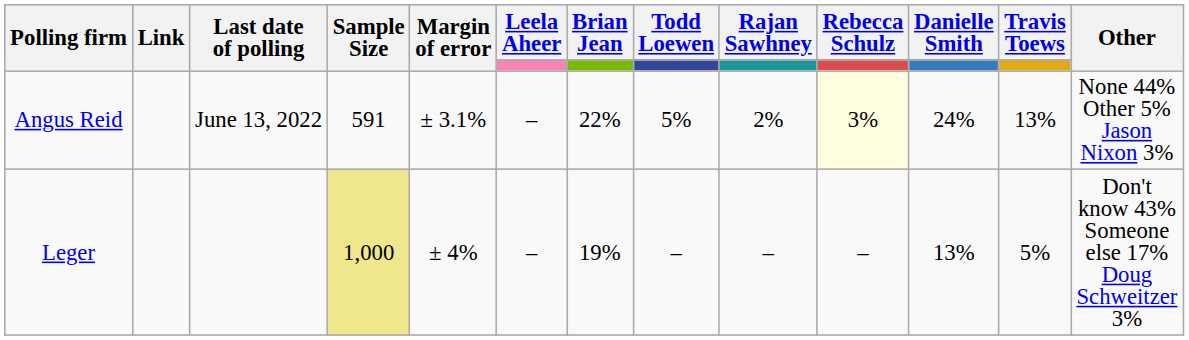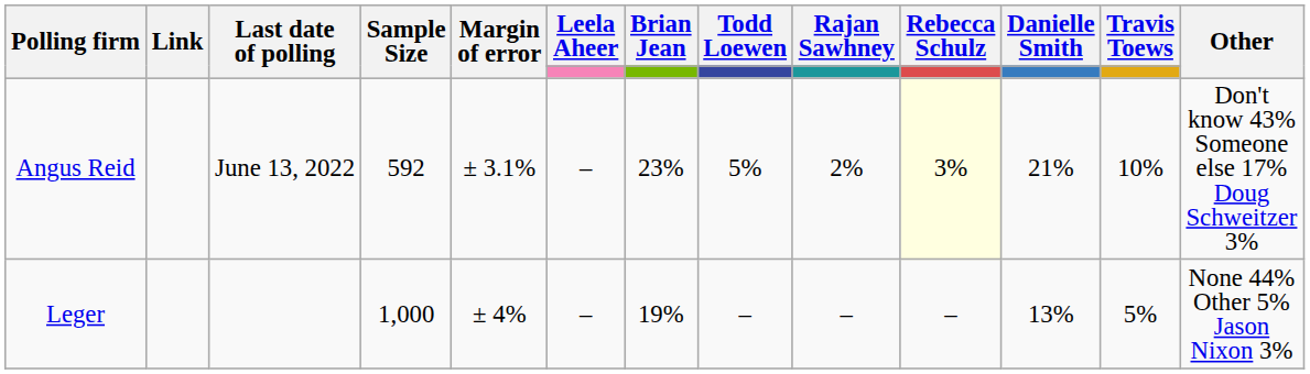 <table class="wikitable sortable tpl-blanktable" style="text-align:center; line-height:14px;font-size:90%;">
 <tr>
 <th rowspan="2">Polling firm</th>
 <th rowspan="2" class="unsortable">Link</th>
 <th rowspan="2">Last date<br>of polling</th>
 <th rowspan="2" class="unsortable">Sample<br>Size</th>
 <th rowspan="2">Margin<br>of error</th>
 <th style="width:25px;"><a href='#'>Leela Aheer</a></th>
 <th style="width:25px;"><a href='#'>Brian Jean</a></th>
 <th style="width:25px;"><a href='#'>Todd Loewen</a></th>
 <th style="width:25px;"><a href='#'>Rajan Sawhney</a></th>
 <th style="width:25px;"><a href='#'>Rebecca Schulz</a></th>
 <th style="width:25px;"><a href='#'>Danielle Smith</a></th>
 <th style="width:25px;"><a href='#'>Travis Toews</a></th>
 <th rowspan="2" style="width:25px;">Other</th>
 </tr>
 <tr class="sorttop">
 <th style="background-color:#f783b8;"></th>
 <th style="background-color:#77b800;"></th>
 <th style="background-color:#35459e;"></th>
 <th style="background-color:#1b979b;"></th>
 <th style="background-color:#dd4c4c;"></th>
 <th style="background-color:#367bbf;"></th>
 <th style="background-color:#e2a912;"></th>
 </tr>
 <tr>
 <td><a href='#'>Angus Reid</a></td>
 <td></td>
 <td>June 13, 2022</td>
-<td>591</td>
+<td>592</td>
 <td>± 3.1%</td>
 <td>–</td>
-<td>22%</td>
+<td>23%</td>
 <td>5%</td>
 <td>2%</td>
 <td style="background: lightyellow;">3%</td>
-<td>24%</td>
-<td>13%</td>
-<td>None 44%<br>Other 5%<br><a href='#'>Jason Nixon</a> 3%</td>
+<td>21%</td>
+<td>10%</td>
+<td>Don't know 43%<br>Someone else 17%<br><a href='#'>Doug Schweitzer</a> 3%</td>
 </tr>
 <tr>
 <td><a href='#'>Leger</a></td>
 <td></td>
 <td></td>
-<td style="background: khaki;">1,000</td>
+<td>1,000</td>
 <td>± 4%</td>
 <td>–</td>
 <td>19%</td>
 <td>–</td>
 <td>–</td>
 <td>–</td>
 <td>13%</td>
 <td>5%</td>
-<td>Don't know 43%<br>Someone else 17%<br><a href='#'>Doug Schweitzer</a> 3%</td>
+<td>None 44%<br>Other 5%<br><a href='#'>Jason Nixon</a> 3%</td>
 </tr>
 </table>
